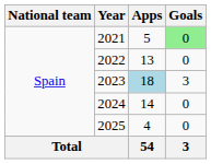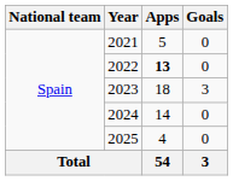 <table class="wikitable" style="text-align:center">
 <tr>
 <th>National team</th>
 <th>Year</th>
 <th>Apps</th>
 <th>Goals</th>
 </tr>
 <tr>
 <td rowspan="5"><a href='#'>Spain</a></td>
 <td>2021</td>
 <td>5</td>
-<td style="background: lightgreen;">0</td>
+<td>0</td>
 </tr>
 <tr>
 <td>2022</td>
-<td>13</td>
+<td><strong>13</strong></td>
 <td>0</td>
 </tr>
 <tr>
 <td>2023</td>
-<td style="background: lightblue;">18</td>
+<td>18</td>
 <td>3</td>
 </tr>
 <tr>
 <td>2024</td>
 <td>14</td>
 <td>0</td>
 </tr>
 <tr>
 <td>2025</td>
 <td>4</td>
 <td>0</td>
 </tr>
 <tr>
 <th colspan="2">Total</th>
 <th>54</th>
 <th>3</th>
 </tr>
 </table>
